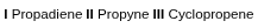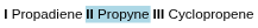 <table style="margin-left:auto; margin-right:auto; border:none;" class="skin-invert-image">
 <tr>
 <td style="padding: 0px 20px 0px;"></td>
 <td style="padding: 0px 20px 0px;"></td>
 <td style="padding: 0px 20px 0px;"></td>
 </tr>
 <tr>
 <td style="text-align:center;padding-left=20px;"><strong>I</strong> Propadiene</td>
-<td style="text-align:center;padding-left=20px;"><strong>II</strong> Propyne</td>
+<td style="background: lightblue; text-align:center;padding-left=20px;"><strong>II</strong> Propyne</td>
 <td style="text-align:center;padding-left=20px;"><strong>III</strong> Cyclopropene</td>
 </tr>
 <tr>
 </tr>
 </table>
